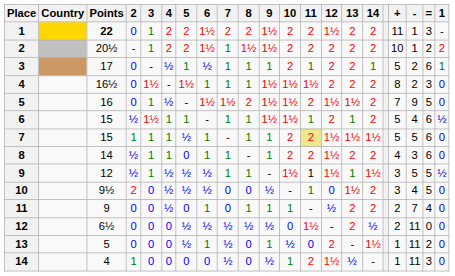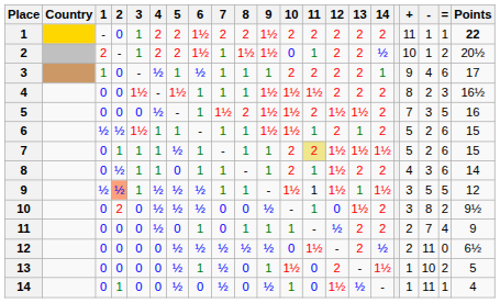 <table class="wikitable" style="text-align:center">
 <tr>
 <th>Place</th>
 <th>Country</th>
-<th>Points</th>
+<th>1</th>
 <th>2</th>
 <th>3</th>
 <th>4</th>
 <th>5</th>
 <th>6</th>
 <th>7</th>
 <th>8</th>
 <th>9</th>
 <th>10</th>
 <th>11</th>
 <th>12</th>
 <th>13</th>
 <th>14</th>
 <th></th>
 <th>+</th>
 <th>-</th>
 <th>=</th>
-<th>1</th>
+<th>Points</th>
 </tr>
 <tr>
 <th>1</th>
 <td align=left bgcolor="gold"></td>
-<td align=center><strong>22</strong></td>
+<td>-</td>
 <td style="color: blue;">0</td>
 <td style="color: green;">1</td>
 <td style="color: red;">2</td>
 <td style="color: red;">2</td>
 <td style="color: red;">1½</td>
 <td style="color: red;">2</td>
 <td style="color: red;">2</td>
 <td style="color: red;">1½</td>
 <td style="color: red;">2</td>
 <td style="color: red;">2</td>
-<td style="color: red;">1½</td>
+<td style="color: red;">2</td>
 <td style="color: red;">2</td>
 <td style="color: red;">2</td>
 <th></th>
 <td>11</td>
 <td>1</td>
-<td>3</td>
-<td>-</td>
+<td>1</td>
+<td align=center><strong>22</strong></td>
 </tr>
 <tr>
 <th>2</th>
 <td align=left bgcolor="silver"></td>
-<td align=center>20½</td>
+<td style="color: red">2</td>
 <td>-</td>
 <td style="color: green">1</td>
 <td style="color: red">2</td>
 <td style="color: red">2</td>
 <td style="color: red">1½</td>
 <td style="color: green">1</td>
 <td style="color: red">1½</td>
 <td style="color: red">1½</td>
-<td style="color: red;">2</td>
+<td style="color: blue">0</td>
+<td style="color: green;">1</td>
 <td style="color: red">2</td>
 <td style="color: red">2</td>
-<td style="color: red">2</td>
-<td style="color: red">2</td>
+<td style="color: blue">½</td>
 <th></th>
 <td>10</td>
 <td>1</td>
 <td>2</td>
-<td style="color: red">2</td>
+<td align=center>20½</td>
 </tr>
 <tr>
 <th>3</th>
 <td align=left bgcolor="CC9966"></td>
-<td align=center>17</td>
+<td style="color: green">1</td>
 <td style="color: blue;">0</td>
 <td>-</td>
 <td style="color: blue">½</td>
 <td style="color: green">1</td>
 <td style="color: blue">½</td>
 <td style="color: green">1</td>
 <td style="color: green">1</td>
 <td style="color: green">1</td>
 <td style="color: red">2</td>
-<td style="color: green;">1</td>
+<td style="color: red">2</td>
 <td style="color: red">2</td>
 <td style="color: red">2</td>
 <td style="color: green;">1</td>
 <th></th>
-<td>5</td>
-<td>2</td>
+<td>9</td>
+<td>4</td>
 <td>6</td>
-<td style="color: green">1</td>
+<td align=center>17</td>
 </tr>
 <tr>
 <th>4</th>
 <td align=left></td>
-<td align=center>16½</td>
+<td style="color: blue;">0</td>
 <td style="color: blue">0</td>
 <td style="color: red;">1½</td>
 <td>-</td>
 <td style="color: red;">1½</td>
 <td style="color: green">1</td>
 <td style="color: green;">1</td>
 <td style="color: green;">1</td>
 <td style="color: red">1½</td>
 <td style="color: red;">1½</td>
 <td style="color: red;">1½</td>
 <td style="color: red">2</td>
 <td style="color: red;">2</td>
 <td style="color: red;">2</td>
 <th></th>
 <td>8</td>
 <td>2</td>
 <td>3</td>
-<td style="color: blue;">0</td>
+<td align=center>16½</td>
 </tr>
 <tr>
 <th>5</th>
 <td align=left></td>
-<td align=center>16</td>
 <td style="color: blue;">0</td>
-<td style="color: green;">1</td>
+<td style="color: blue;">0</td>
+<td style="color: blue;">0</td>
 <td style="color: blue;">½</td>
 <td>-</td>
-<td style="color: red;">1½</td>
+<td style="color: green;">1</td>
 <td style="color: red;">1½</td>
 <td style="color: red;">2</td>
 <td style="color: red;">1½</td>
 <td style="color: red;">1½</td>
 <td style="color: red;">2</td>
 <td style="color: red;">1½</td>
 <td style="color: red;">1½</td>
 <td style="color: red;">2</td>
 <th></th>
 <td>7</td>
-<td>9</td>
+<td>3</td>
 <td>5</td>
-<td style="color: blue;">0</td>
+<td align=center>16</td>
 </tr>
 <tr>
 <th>6</th>
 <td align=left></td>
-<td align=center>15</td>
+<td style="color: blue;">½</td>
 <td style="color: blue;">½</td>
 <td style="color: red;">1½</td>
 <td style="color: green">1</td>
 <td style="color: green;">1</td>
 <td>-</td>
 <td style="color: green">1</td>
 <td style="color: green;">1</td>
 <td style="color: red;">1½</td>
 <td style="color: red;">1½</td>
 <td style="color: green;">1</td>
 <td style="color: red;">2</td>
 <td style="color: green;">1</td>
 <td style="color: red;">2</td>
 <th></th>
 <td>5</td>
-<td>4</td>
+<td>2</td>
 <td>6</td>
-<td style="color: blue;">½</td>
+<td align=center>15</td>
 </tr>
 <tr>
 <th>7</th>
 <td align=left></td>
-<td align=center>15</td>
+<td style="color: blue">0</td>
 <td style="color: green;">1</td>
 <td style="color: green;">1</td>
 <td style="color: green;">1</td>
 <td style="color: blue;">½</td>
 <td style="color: green">1</td>
 <td>-</td>
 <td style="color: green;">1</td>
 <td style="color: green;">1</td>
 <td style="color: red;">2</td>
 <td style="background: khaki; color: red;">2</td>
 <td style="color: red;">1½</td>
 <td style="color: red;">1½</td>
 <td style="color: red;">1½</td>
 <th></th>
 <td>5</td>
-<td>5</td>
+<td>2</td>
 <td>6</td>
-<td style="color: blue">0</td>
+<td align=center>15</td>
 </tr>
 <tr>
 <th>8</th>
 <td align=left></td>
-<td align=center>14</td>
+<td style="color: blue;">0</td>
 <td style="color: blue;">½</td>
 <td style="color: green;">1</td>
 <td style="color: green;">1</td>
 <td style="color: blue;">0</td>
 <td style="color: green;">1</td>
 <td style="color: green;">1</td>
 <td>-</td>
 <td style="color: green">1</td>
 <td style="color: red;">2</td>
-<td style="color: red">2</td>
+<td style="color: green;">1</td>
 <td style="color: red;">1½</td>
 <td style="color: red">2</td>
 <td style="color: red;">2</td>
 <th></th>
 <td>4</td>
 <td>3</td>
 <td>6</td>
-<td style="color: blue;">0</td>
+<td align=center>14</td>
 </tr>
 <tr>
 <th>9</th>
 <td align=left></td>
-<td align=center>12</td>
 <td style="color: blue;">½</td>
+<td style="background: lightsalmon; color: blue;">½</td>
 <td style="color: green;">1</td>
 <td style="color: blue">½</td>
 <td style="color: blue;">½</td>
 <td style="color: blue;">½</td>
 <td style="color: green;">1</td>
 <td style="color: green">1</td>
 <td>-</td>
 <td style="color: red;">1½</td>
 <td style="color: grenn;">1</td>
 <td style="color: red;">1½</td>
 <td style="color: green;">1</td>
 <td style="color: red;">1½</td>
 <th></th>
 <td>3</td>
 <td>5</td>
 <td>5</td>
-<td style="color: blue;">½</td>
+<td align=center>12</td>
 </tr>
 <tr>
 <th>10</th>
 <td align=left></td>
-<td align=center>9½</td>
+<td style="color: blue;">0</td>
 <td style="color: red">2</td>
 <td style="color: blue">0</td>
 <td style="color: blue;">½</td>
 <td style="color: blue;">½</td>
 <td style="color: blue;">½</td>
 <td style="color: blue;">0</td>
 <td style="color: blue;">0</td>
 <td style="color: blue;">½</td>
 <td>-</td>
 <td style="color: green;">1</td>
 <td style="color: blue;">0</td>
 <td style="color: red">1½</td>
 <td style="color: red">2</td>
 <th></th>
 <td>3</td>
-<td>4</td>
-<td>5</td>
-<td style="color: blue;">0</td>
+<td>8</td>
+<td>2</td>
+<td align=center>9½</td>
 </tr>
 <tr>
 <th>11</th>
 <td align=left></td>
-<td align=center>9</td>
+<td style="color: blue;">0</td>
 <td style="color: blue;">0</td>
 <td style="color: blue;">0</td>
 <td style="color: blue;">½</td>
 <td style="color: blue;">0</td>
 <td style="color: green;">1</td>
 <td style="color: blue;">0</td>
 <td style="color: green;">1</td>
 <td style="color: green;">1</td>
 <td style="color: green;">1</td>
 <td>-</td>
 <td style="color: blue;">½</td>
 <td style="color: red;">2</td>
 <td style="color: red;">2</td>
 <th></th>
 <td>2</td>
 <td>7</td>
 <td>4</td>
-<td style="color: blue;">0</td>
+<td align=center>9</td>
 </tr>
 <tr>
 <th>12</th>
 <td align=left></td>
-<td align=center>6½</td>
+<td style="color: blue;">0</td>
 <td style="color: blue;">0</td>
 <td style="color: blue;">0</td>
 <td style="color: blue">0</td>
 <td style="color: blue;">½</td>
 <td style="color: blue;">½</td>
 <td style="color: blue;">½</td>
 <td style="color: blue;">½</td>
 <td style="color: blue;">½</td>
 <td style="color: blue;">0</td>
 <td style="color: red;">1½</td>
 <td>-</td>
 <td style="color: red;">2</td>
 <td style="color: blue">½</td>
 <th></th>
 <td>2</td>
 <td>11</td>
 <td>0</td>
-<td style="color: blue;">0</td>
+<td align=center>6½</td>
 </tr>
 <tr>
 <th>13</th>
 <td align=left></td>
-<td align=center>5</td>
+<td style="color: blue;">0</td>
 <td style="color: blue;">0</td>
 <td style="color: blue;">0</td>
 <td style="color: blue;">0</td>
 <td style="color: blue;">½</td>
 <td style="color: green;">1</td>
 <td style="color: blue;">½</td>
 <td style="color: blue">0</td>
 <td style="color: green;">1</td>
-<td style="color: blue">½</td>
+<td style="color: red;">1½</td>
 <td style="color: blue;">0</td>
 <td style="color: red;">2</td>
 <td>-</td>
 <td style="color: red;">1½</td>
 <th></th>
 <td>1</td>
-<td>11</td>
+<td>10</td>
 <td>2</td>
-<td style="color: blue;">0</td>
+<td align=center>5</td>
 </tr>
 <tr>
 <th>14</th>
 <td align=left></td>
-<td align=center>4</td>
+<td style="color: blue;">0</td>
 <td style="color: green">1</td>
 <td style="color: blue">0</td>
 <td style="color: blue;">0</td>
-<td style="color: blue;">0</td>
+<td style="color: blue;">½</td>
 <td style="color: blue;">0</td>
 <td style="color: blue;">½</td>
 <td style="color: blue;">0</td>
 <td style="color: blue;">½</td>
 <td style="color: green;">1</td>
-<td style="color: red">2</td>
+<td style="color: blue;">0</td>
 <td style="color: red">1½</td>
 <td style="color: blue;">½</td>
 <td>-</td>
 <th></th>
 <td>1</td>
 <td>11</td>
-<td>3</td>
-<td style="color: blue;">0</td>
+<td>1</td>
+<td align=center>4</td>
 </tr>
 </table>
